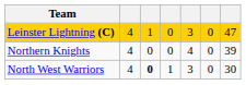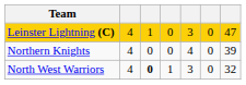 <table class="wikitable" style="text-align:center">
 <tr>
 <th style="width:150px;">Team</th>
 <th width="20"></th>
 <th width="20"></th>
 <th width="20"></th>
 <th width="20"></th>
 <th width="20"></th>
 <th width="20"></th>
 </tr>
 <tr style="background:#fbd009">
 <td style="text-align:left"><a href='#'>Leinster Lightning</a> <strong>(C)</strong></td>
 <td>4</td>
 <td>1</td>
 <td>0</td>
 <td>3</td>
 <td>0</td>
 <td>47</td>
 </tr>
 <tr>
 <td style="text-align:left"><a href='#'>Northern Knights</a></td>
 <td>4</td>
 <td>0</td>
 <td>0</td>
 <td>4</td>
 <td>0</td>
 <td>39</td>
 </tr>
 <tr>
 <td style="text-align:left"><a href='#'>North West Warriors</a></td>
 <td>4</td>
 <td><strong>0</strong></td>
 <td>1</td>
 <td>3</td>
 <td>0</td>
-<td>30</td>
+<td>32</td>
 </tr>
 </table>
